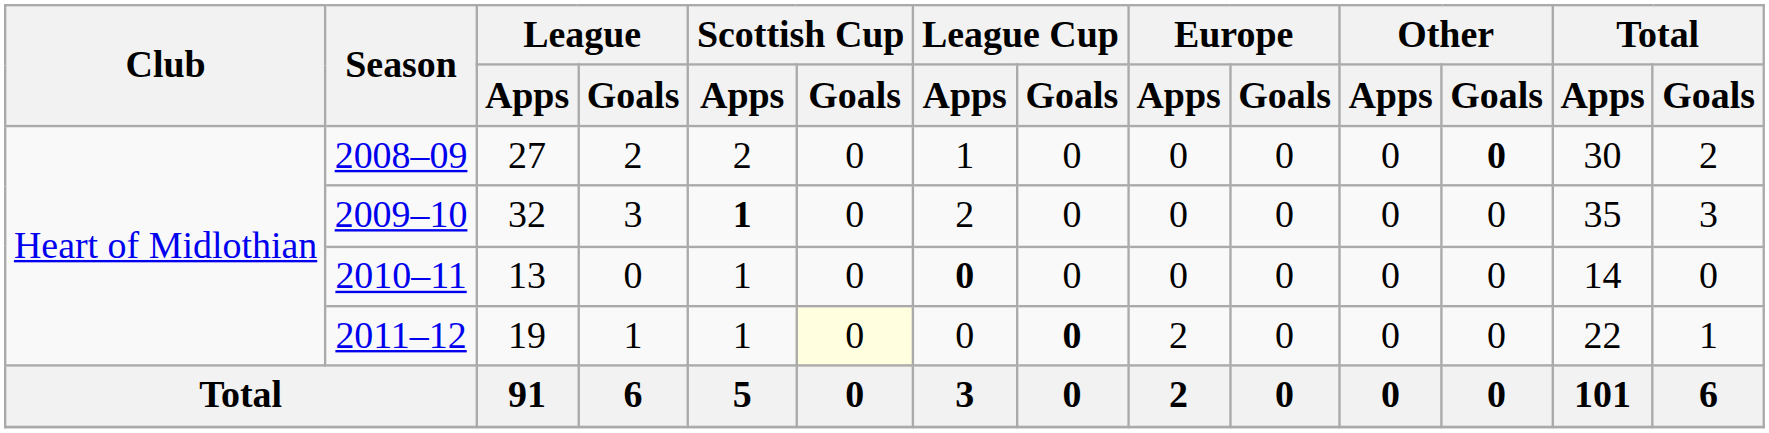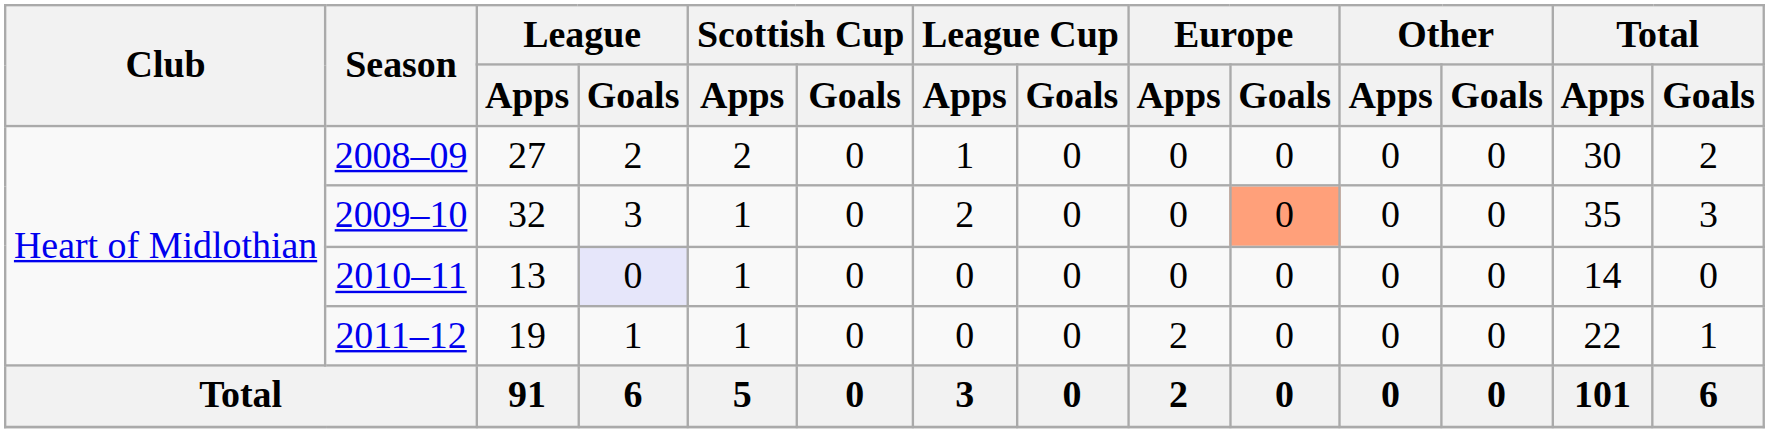 <table class="wikitable" style="text-align: center">
 <tr>
 <th rowspan=2>Club</th>
 <th rowspan=2>Season</th>
 <th colspan=2>League</th>
 <th colspan=2>Scottish Cup</th>
 <th colspan=2>League Cup</th>
 <th colspan=2>Europe</th>
 <th colspan=2>Other</th>
 <th colspan=2>Total</th>
 </tr>
 <tr>
 <th>Apps</th>
 <th>Goals</th>
 <th>Apps</th>
 <th>Goals</th>
 <th>Apps</th>
 <th>Goals</th>
 <th>Apps</th>
 <th>Goals</th>
 <th>Apps</th>
 <th>Goals</th>
 <th>Apps</th>
 <th>Goals</th>
 </tr>
 <tr>
 <td rowspan=4><a href='#'>Heart of Midlothian</a></td>
 <td><a href='#'>2008–09</a></td>
 <td>27</td>
 <td>2</td>
 <td>2</td>
 <td>0</td>
 <td>1</td>
 <td>0</td>
 <td>0</td>
 <td>0</td>
 <td>0</td>
-<td><strong>0</strong></td>
+<td>0</td>
 <td>30</td>
 <td>2</td>
 </tr>
 <tr>
 <td><a href='#'>2009–10</a></td>
 <td>32</td>
 <td>3</td>
-<td><strong>1</strong></td>
+<td>1</td>
 <td>0</td>
 <td>2</td>
 <td>0</td>
 <td>0</td>
-<td>0</td>
+<td style="background: lightsalmon;">0</td>
 <td>0</td>
 <td>0</td>
 <td>35</td>
 <td>3</td>
 </tr>
 <tr>
 <td><a href='#'>2010–11</a></td>
 <td>13</td>
-<td>0</td>
+<td style="background: lavender;">0</td>
 <td>1</td>
 <td>0</td>
-<td><strong>0</strong></td>
+<td>0</td>
 <td>0</td>
 <td>0</td>
 <td>0</td>
 <td>0</td>
 <td>0</td>
 <td>14</td>
 <td>0</td>
 </tr>
 <tr>
 <td><a href='#'>2011–12</a></td>
 <td>19</td>
 <td>1</td>
 <td>1</td>
-<td style="background: lightyellow;">0</td>
 <td>0</td>
-<td><strong>0</strong></td>
+<td>0</td>
+<td>0</td>
 <td>2</td>
 <td>0</td>
 <td>0</td>
 <td>0</td>
 <td>22</td>
 <td>1</td>
 </tr>
 <tr>
 <th colspan=2>Total</th>
 <th>91</th>
 <th>6</th>
 <th>5</th>
 <th>0</th>
 <th>3</th>
 <th>0</th>
 <th>2</th>
 <th>0</th>
 <th>0</th>
 <th>0</th>
 <th>101</th>
 <th>6</th>
 </tr>
 <tr>
 </tr>
 </table>
